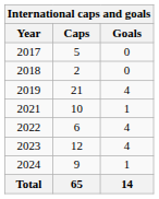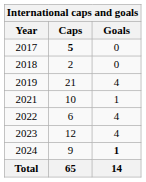 <table class="wikitable sortable" style="text-align:center">
 <tr>
 <th colspan="3">International caps and goals</th>
 </tr>
 <tr>
 <th>Year</th>
 <th>Caps</th>
 <th>Goals</th>
 </tr>
 <tr>
 <td>2017</td>
-<td>5</td>
+<td><strong>5</strong></td>
 <td>0</td>
 </tr>
 <tr>
 <td>2018</td>
 <td>2</td>
 <td>0</td>
 </tr>
 <tr>
 <td>2019</td>
 <td>21</td>
 <td>4</td>
 </tr>
 <tr>
 <td>2021</td>
 <td>10</td>
 <td>1</td>
 </tr>
 <tr>
 <td>2022</td>
 <td>6</td>
 <td>4</td>
 </tr>
 <tr>
 <td>2023</td>
 <td>12</td>
 <td>4</td>
 </tr>
 <tr>
 <td>2024</td>
 <td>9</td>
-<td>1</td>
+<td><strong>1</strong></td>
 </tr>
 <tr>
 <th>Total</th>
 <th>65</th>
 <th>14</th>
 </tr>
 </table>
